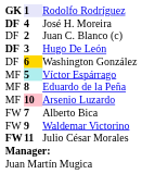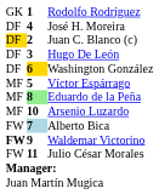 <table style="font-size:90%; margin:0.2em auto;" cellspacing="0" cellpadding="0">
 <tr>
 <th width="25"></th>
 <th width="25"></th>
 </tr>
 <tr>
-<td><strong>GK</strong></td>
-<td style="background: lavender;"><strong>1</strong></td>
+<td>GK</td>
+<td><strong>1</strong></td>
 <td> <a href='#'>Rodolfo Rodríguez</a></td>
 </tr>
 <tr>
-<td><strong>DF</strong></td>
+<td>DF</td>
 <td><strong>4 </strong></td>
 <td> José H. Moreira</td>
 </tr>
 <tr>
-<td>DF</td>
+<td style="background: gold;">DF</td>
 <td><strong>2 </strong></td>
 <td> Juan C. Blanco (c)</td>
 </tr>
 <tr>
-<td><strong>DF</strong></td>
+<td>DF</td>
 <td><strong>3 </strong></td>
 <td> <a href='#'>Hugo De León</a></td>
 </tr>
 <tr>
 <td>DF</td>
 <td style="background: gold;"><strong>6</strong></td>
 <td> Washington González</td>
 </tr>
 <tr>
 <td>MF</td>
-<td style="background: paleturquoise;"><strong>5</strong></td>
+<td><strong>5</strong></td>
 <td> <a href='#'>Víctor Espárrago</a></td>
 </tr>
 <tr>
 <td>MF</td>
-<td><strong>8</strong></td>
+<td style="background: lightgreen;"><strong>8</strong></td>
 <td> <a href='#'>Eduardo de la Peña</a></td>
 </tr>
 <tr>
 <td>MF</td>
-<td style="background: pink;"><strong>10</strong></td>
+<td><strong>10</strong></td>
 <td> <a href='#'>Arsenio Luzardo</a></td>
 </tr>
 <tr>
 <td>FW</td>
-<td><strong>7</strong></td>
+<td style="background: lightblue;"><strong>7</strong></td>
 <td> Alberto Bica</td>
 </tr>
 <tr>
-<td>FW</td>
+<td><strong>FW</strong></td>
 <td><strong>9</strong></td>
 <td> <a href='#'>Waldemar Victorino</a></td>
 </tr>
 <tr>
-<td><strong>FW</strong></td>
+<td>FW</td>
 <td><strong> 11</strong></td>
 <td> Julio César Morales</td>
 </tr>
 <tr>
 <td colspan=3><strong>Manager:</strong></td>
 </tr>
 <tr>
 <td colspan=4> Juan Martín Mugica</td>
 </tr>
 </table>
